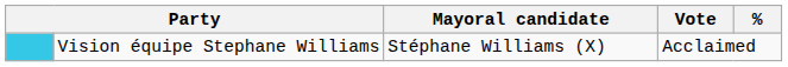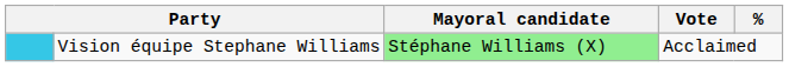 <table class="wikitable">
 <tr>
 <th bgcolor="#DDDDFF" width="230px" colspan="2">Party</th>
 <th bgcolor="#DDDDFF" width="200px">Mayoral candidate</th>
 <th bgcolor="#DDDDFF" width="50px">Vote</th>
 <th bgcolor="#DDDDFF" width="30px">%</th>
 </tr>
 <tr>
 <td bgcolor=#35C7E6 width="30px"> </td>
 <td>Vision équipe Stephane Williams</td>
-<td>Stéphane Williams (X)</td>
+<td style="background: lightgreen;">Stéphane Williams (X)</td>
 <td colspan="2">Acclaimed</td>
 </tr>
 </table>
